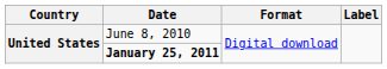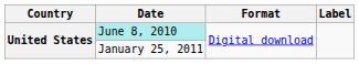 <table class="wikitable plainrowheaders">
 <tr>
 <th scope="col">Country</th>
 <th scope="col">Date</th>
 <th scope="col">Format</th>
 <th scope="col">Label</th>
 </tr>
 <tr>
 <th scope="row" rowspan="2">United States</th>
-<td>June 8, 2010</td>
+<td style="background: paleturquoise;">June 8, 2010</td>
 <td rowspan="2"><a href='#'>Digital download</a></td>
 <td rowspan="2"></td>
 </tr>
 <tr>
-<td><strong>January 25, 2011</strong></td>
+<td>January 25, 2011</td>
 </tr>
 </table>
